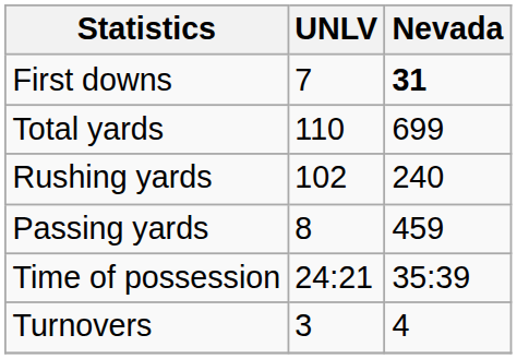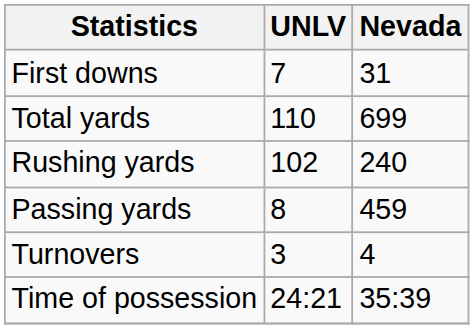 <table class="wikitable">
 <tr>
 <th>Statistics</th>
 <th>UNLV</th>
 <th>Nevada</th>
 </tr>
 <tr>
 <td>First downs</td>
 <td>7</td>
-<td><strong>31</strong></td>
+<td>31</td>
 </tr>
 <tr>
 <td>Total yards</td>
 <td>110</td>
 <td>699</td>
 </tr>
 <tr>
 <td>Rushing yards</td>
 <td>102</td>
 <td>240</td>
 </tr>
 <tr>
 <td>Passing yards</td>
 <td>8</td>
 <td>459</td>
 </tr>
 <tr>
+<td>Turnovers</td>
+<td>3</td>
+<td>4</td>
+</tr>
+<tr>
 <td>Time of possession</td>
 <td>24:21</td>
 <td>35:39</td>
 </tr>
 <tr>
-<td>Turnovers</td>
-<td>3</td>
-<td>4</td>
-</tr>
-<tr>
 </tr>
 </table>
